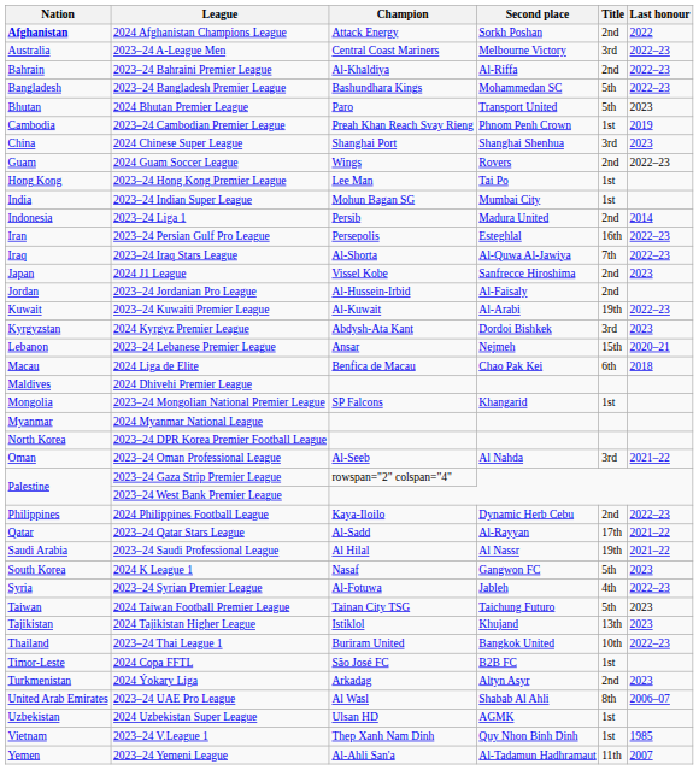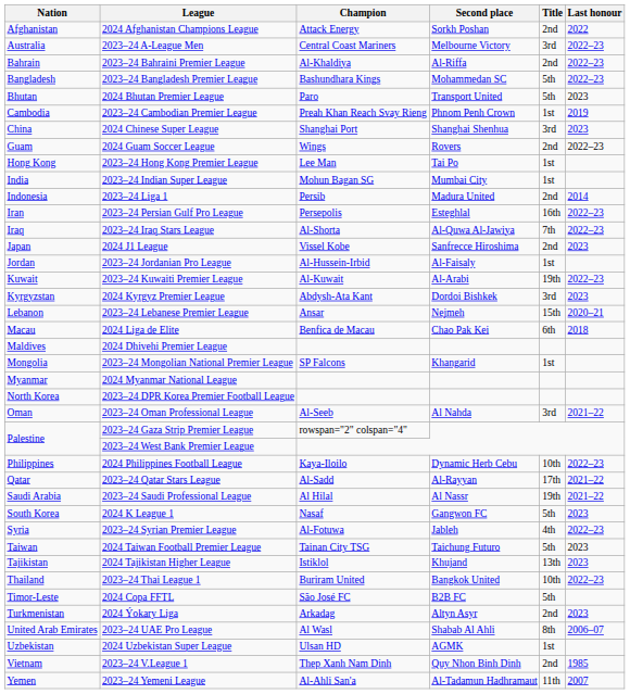 <table class=wikitable style="font-size:14px">
 <tr>
 <th>Nation</th>
 <th>League</th>
 <th>Champion</th>
 <th>Second place</th>
 <th data-sort-type="number">Title</th>
 <th>Last honour</th>
 </tr>
 <tr>
-<td><strong> <a href='#'>Afghanistan</a></strong></td>
+<td> <a href='#'>Afghanistan</a></td>
 <td><a href='#'>2024 Afghanistan Champions League</a></td>
 <td><a href='#'>Attack Energy</a></td>
 <td><a href='#'>Sorkh Poshan</a></td>
 <td>2nd</td>
 <td><a href='#'>2022</a></td>
 </tr>
 <tr>
 <td> <a href='#'>Australia</a></td>
 <td align=left><a href='#'>2023–24 A-League Men</a></td>
 <td><a href='#'>Central Coast Mariners</a></td>
 <td><a href='#'>Melbourne Victory</a></td>
 <td>3rd</td>
 <td><a href='#'>2022–23</a></td>
 </tr>
 <tr>
 <td> <a href='#'>Bahrain</a></td>
 <td><a href='#'>2023–24 Bahraini Premier League</a></td>
 <td><a href='#'>Al-Khaldiya</a></td>
 <td><a href='#'>Al-Riffa</a></td>
 <td>2nd</td>
 <td><a href='#'>2022–23</a></td>
 </tr>
 <tr>
 <td> <a href='#'>Bangladesh</a></td>
 <td><a href='#'>2023–24 Bangladesh Premier League</a></td>
 <td><a href='#'>Bashundhara Kings</a></td>
 <td><a href='#'>Mohammedan SC</a></td>
 <td>5th</td>
 <td><a href='#'>2022–23</a></td>
 </tr>
 <tr>
 <td> <a href='#'>Bhutan</a></td>
 <td><a href='#'>2024 Bhutan Premier League</a></td>
 <td><a href='#'>Paro</a></td>
 <td><a href='#'>Transport United</a></td>
 <td>5th</td>
 <td>2023</td>
 </tr>
 <tr>
 <td> <a href='#'>Cambodia</a></td>
 <td><a href='#'>2023–24 Cambodian Premier League</a></td>
 <td><a href='#'>Preah Khan Reach Svay Rieng</a></td>
 <td><a href='#'>Phnom Penh Crown</a></td>
 <td>1st</td>
 <td><a href='#'>2019</a></td>
 </tr>
 <tr>
 <td> <a href='#'>China</a></td>
 <td align=left><a href='#'>2024 Chinese Super League</a></td>
 <td><a href='#'>Shanghai Port</a></td>
 <td><a href='#'>Shanghai Shenhua</a></td>
 <td>3rd</td>
 <td><a href='#'>2023</a></td>
 </tr>
 <tr>
 <td> <a href='#'>Guam</a></td>
 <td><a href='#'>2024 Guam Soccer League</a></td>
 <td><a href='#'>Wings</a></td>
 <td><a href='#'>Rovers</a></td>
 <td>2nd</td>
 <td>2022–23</td>
 </tr>
 <tr>
 <td> <a href='#'>Hong Kong</a></td>
 <td><a href='#'>2023–24 Hong Kong Premier League</a></td>
 <td><a href='#'>Lee Man</a></td>
 <td><a href='#'>Tai Po</a></td>
 <td>1st</td>
 <td></td>
 </tr>
 <tr>
 <td rowspan=> <a href='#'>India</a></td>
 <td><a href='#'>2023–24 Indian Super League</a></td>
 <td><a href='#'>Mohun Bagan SG</a></td>
 <td><a href='#'>Mumbai City</a></td>
 <td>1st</td>
 <td></td>
 </tr>
 <tr>
 <td> <a href='#'>Indonesia</a></td>
 <td><a href='#'>2023–24 Liga 1</a></td>
 <td><a href='#'>Persib</a></td>
 <td><a href='#'>Madura United</a></td>
 <td>2nd</td>
 <td><a href='#'>2014</a></td>
 </tr>
 <tr>
 <td> <a href='#'>Iran</a></td>
 <td align=left><a href='#'>2023–24 Persian Gulf Pro League</a></td>
 <td><a href='#'>Persepolis</a></td>
 <td><a href='#'>Esteghlal</a></td>
 <td>16th</td>
 <td><a href='#'>2022–23</a></td>
 </tr>
 <tr>
 <td> <a href='#'>Iraq</a></td>
 <td align=left><a href='#'>2023–24 Iraq Stars League</a></td>
 <td><a href='#'>Al-Shorta</a></td>
 <td><a href='#'>Al-Quwa Al-Jawiya</a></td>
 <td>7th</td>
 <td><a href='#'>2022–23</a></td>
 </tr>
 <tr>
 <td> <a href='#'>Japan</a></td>
 <td align=left><a href='#'>2024 J1 League</a></td>
 <td><a href='#'>Vissel Kobe</a></td>
 <td><a href='#'>Sanfrecce Hiroshima</a></td>
 <td>2nd</td>
 <td><a href='#'>2023</a></td>
 </tr>
 <tr>
 <td> <a href='#'>Jordan</a></td>
 <td><a href='#'>2023–24 Jordanian Pro League</a></td>
 <td><a href='#'>Al-Hussein-Irbid</a></td>
 <td><a href='#'>Al-Faisaly</a></td>
-<td>2nd</td>
+<td>1st</td>
 <td></td>
 </tr>
 <tr>
 <td> <a href='#'>Kuwait</a></td>
 <td><a href='#'>2023–24 Kuwaiti Premier League</a></td>
 <td><a href='#'>Al-Kuwait</a></td>
 <td><a href='#'>Al-Arabi</a></td>
 <td>19th</td>
 <td><a href='#'>2022–23</a></td>
 </tr>
 <tr>
 <td> <a href='#'>Kyrgyzstan</a></td>
 <td align=left><a href='#'>2024 Kyrgyz Premier League</a></td>
 <td><a href='#'>Abdysh-Ata Kant</a></td>
 <td><a href='#'>Dordoi Bishkek</a></td>
 <td>3rd</td>
 <td><a href='#'>2023</a></td>
 </tr>
 <tr>
 <td> <a href='#'>Lebanon</a></td>
 <td><a href='#'>2023–24 Lebanese Premier League</a></td>
 <td><a href='#'>Ansar</a></td>
 <td><a href='#'>Nejmeh</a></td>
 <td>15th</td>
 <td><a href='#'>2020–21</a></td>
 </tr>
 <tr>
 <td> <a href='#'>Macau</a></td>
 <td align=left><a href='#'>2024 Liga de Elite</a></td>
 <td><a href='#'>Benfica de Macau</a></td>
 <td><a href='#'>Chao Pak Kei</a></td>
 <td>6th</td>
 <td><a href='#'>2018</a></td>
 </tr>
 <tr>
 <td> <a href='#'>Maldives</a></td>
 <td align=left><a href='#'>2024 Dhivehi Premier League</a></td>
 <td></td>
 <td></td>
 <td></td>
 <td></td>
 </tr>
 <tr>
 <td> <a href='#'>Mongolia</a></td>
 <td align=left><a href='#'>2023–24 Mongolian National Premier League</a></td>
 <td><a href='#'>SP Falcons</a></td>
 <td><a href='#'>Khangarid</a></td>
 <td>1st</td>
 <td></td>
 </tr>
 <tr>
 <td> <a href='#'>Myanmar</a></td>
 <td align=left><a href='#'>2024 Myanmar National League</a></td>
 <td></td>
 <td></td>
 <td></td>
 <td></td>
 </tr>
 <tr>
 <td> <a href='#'>North Korea</a></td>
 <td align=left><a href='#'>2023–24 DPR Korea Premier Football League</a></td>
 <td></td>
 <td></td>
 <td></td>
 <td></td>
 </tr>
 <tr>
 <td> <a href='#'>Oman</a></td>
 <td align=left><a href='#'>2023–24 Oman Professional League</a></td>
 <td><a href='#'>Al-Seeb</a></td>
 <td><a href='#'>Al Nahda</a></td>
 <td>3rd</td>
 <td><a href='#'>2021–22</a></td>
 </tr>
 <tr>
 <td rowspan="2"> <a href='#'>Palestine</a></td>
 <td><a href='#'>2023–24 Gaza Strip Premier League</a></td>
 <td>rowspan="2" colspan="4" </td>
 </tr>
 <tr>
 <td><a href='#'>2023–24 West Bank Premier League</a></td>
 </tr>
 <tr>
 <td> <a href='#'>Philippines</a></td>
 <td align=left><a href='#'>2024 Philippines Football League</a></td>
 <td><a href='#'>Kaya-Iloilo</a></td>
 <td><a href='#'>Dynamic Herb Cebu</a></td>
-<td>2nd</td>
+<td>10th</td>
 <td><a href='#'>2022–23</a></td>
 </tr>
 <tr>
 <td> <a href='#'>Qatar</a></td>
 <td align=left><a href='#'>2023–24 Qatar Stars League</a></td>
 <td><a href='#'>Al-Sadd</a></td>
 <td><a href='#'>Al-Rayyan</a></td>
 <td>17th</td>
 <td><a href='#'>2021–22</a></td>
 </tr>
 <tr>
 <td> <a href='#'>Saudi Arabia</a></td>
 <td align=left><a href='#'>2023–24 Saudi Professional League</a></td>
 <td><a href='#'>Al Hilal</a></td>
 <td><a href='#'>Al Nassr</a></td>
 <td>19th</td>
 <td><a href='#'>2021–22</a></td>
 </tr>
 <tr>
 <td> <a href='#'>South Korea</a></td>
 <td align=left><a href='#'>2024 K League 1</a></td>
 <td><a href='#'>Nasaf</a></td>
 <td><a href='#'>Gangwon FC</a></td>
 <td>5th</td>
 <td><a href='#'>2023</a></td>
 </tr>
 <tr>
 <td> <a href='#'>Syria</a></td>
 <td align=left><a href='#'>2023–24 Syrian Premier League</a></td>
 <td><a href='#'>Al-Fotuwa</a></td>
 <td><a href='#'>Jableh</a></td>
 <td>4th</td>
 <td><a href='#'>2022–23</a></td>
 </tr>
 <tr>
 <td> <a href='#'>Taiwan</a></td>
 <td align=left><a href='#'>2024 Taiwan Football Premier League</a></td>
 <td><a href='#'>Tainan City TSG</a></td>
 <td><a href='#'>Taichung Futuro</a></td>
 <td>5th</td>
 <td>2023</td>
 </tr>
 <tr>
 <td> <a href='#'>Tajikistan</a></td>
 <td align=left><a href='#'>2024 Tajikistan Higher League</a></td>
 <td><a href='#'>Istiklol</a></td>
 <td><a href='#'>Khujand</a></td>
 <td>13th</td>
 <td><a href='#'>2023</a></td>
 </tr>
 <tr>
 <td> <a href='#'>Thailand</a></td>
 <td align=left><a href='#'>2023–24 Thai League 1</a></td>
 <td><a href='#'>Buriram United</a></td>
 <td><a href='#'>Bangkok United</a></td>
 <td>10th</td>
 <td><a href='#'>2022–23</a></td>
 </tr>
 <tr>
 <td> <a href='#'>Timor-Leste</a></td>
 <td><a href='#'>2024 Copa FFTL</a></td>
 <td><a href='#'>São José FC</a></td>
 <td><a href='#'>B2B FC</a></td>
-<td>1st</td>
+<td>5th</td>
 <td></td>
 </tr>
 <tr>
 <td> <a href='#'>Turkmenistan</a></td>
 <td align=left><a href='#'>2024 Ýokary Liga</a></td>
 <td><a href='#'>Arkadag</a></td>
 <td><a href='#'>Altyn Asyr</a></td>
 <td>2nd</td>
 <td><a href='#'>2023</a></td>
 </tr>
 <tr>
 <td> <a href='#'>United Arab Emirates</a></td>
 <td align=left><a href='#'>2023–24 UAE Pro League</a></td>
 <td><a href='#'>Al Wasl</a></td>
 <td><a href='#'>Shabab Al Ahli</a></td>
 <td>8th</td>
 <td><a href='#'>2006–07</a></td>
 </tr>
 <tr>
 <td> <a href='#'>Uzbekistan</a></td>
 <td align=left><a href='#'>2024 Uzbekistan Super League</a></td>
 <td><a href='#'>Ulsan HD</a></td>
 <td><a href='#'>AGMK</a></td>
 <td>1st</td>
 <td></td>
 </tr>
 <tr>
 <td> <a href='#'>Vietnam</a></td>
 <td align=left><a href='#'>2023–24 V.League 1</a></td>
 <td><a href='#'>Thep Xanh Nam Dinh</a></td>
 <td><a href='#'>Quy Nhon Binh Dinh</a></td>
-<td>1st</td>
+<td>2nd</td>
 <td><a href='#'>1985</a></td>
 </tr>
 <tr>
 <td> <a href='#'>Yemen</a></td>
 <td align=left><a href='#'>2023–24 Yemeni League</a></td>
 <td><a href='#'>Al-Ahli San'a</a></td>
 <td><a href='#'>Al-Tadamun Hadhramaut</a></td>
 <td>11th</td>
 <td><a href='#'>2007</a></td>
 </tr>
 </table>
